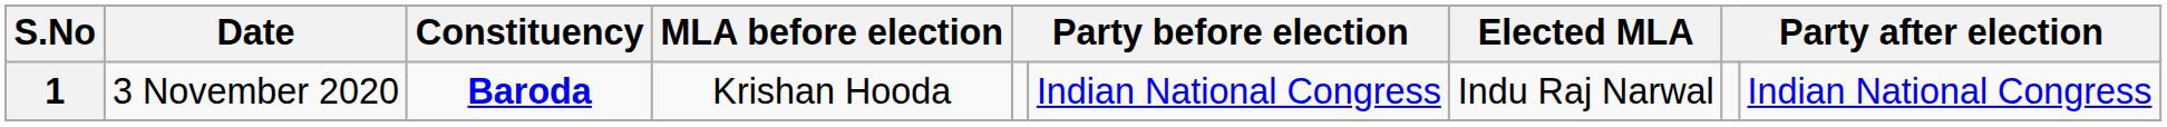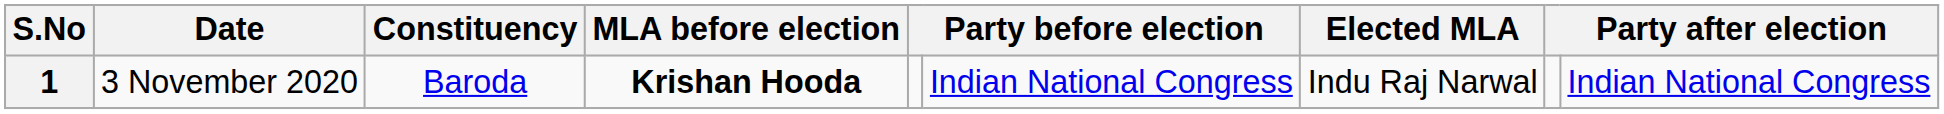 <table class="wikitable sortable" style="text-align:center;">
 <tr>
 <th>S.No</th>
 <th>Date</th>
 <th>Constituency</th>
 <th>MLA before election</th>
 <th colspan="2">Party before election</th>
 <th>Elected MLA</th>
 <th colspan="2">Party after election</th>
 </tr>
 <tr>
 <th>1</th>
 <td>3 November 2020</td>
-<td><strong><a href='#'>Baroda</a></strong></td>
-<td>Krishan Hooda</td>
+<td><a href='#'>Baroda</a></td>
+<td><strong>Krishan Hooda</strong></td>
 <td></td>
 <td><a href='#'>Indian National Congress</a></td>
 <td>Indu Raj Narwal</td>
 <td></td>
 <td><a href='#'>Indian National Congress</a></td>
 </tr>
 </table>
